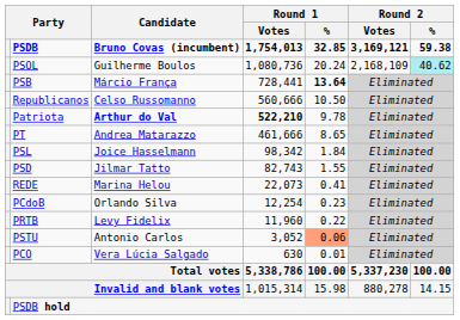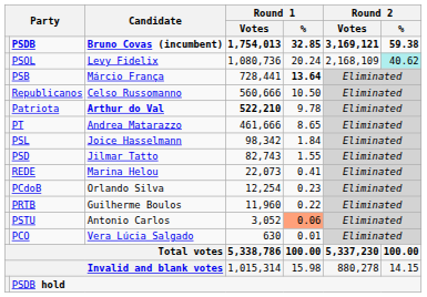 <table class="wikitable sortable" style="text-align:right">
 <tr>
 <th colspan=2 rowspan=2>Party</th>
 <th rowspan=2>Candidate</th>
 <th colspan=2>Round 1</th>
 <th colspan=2>Round 2</th>
 </tr>
 <tr>
 <th>Votes</th>
 <th>%</th>
 <th>Votes</th>
 <th>%</th>
 </tr>
 <tr>
 <th style="background-color:"></th>
 <td style="text-align:left"><strong><a href='#'>PSDB</a></strong></td>
 <td style="text-align:left"><strong><a href='#'>Bruno Covas</a> (incumbent)</strong></td>
 <td><strong>1,754,013</strong></td>
 <td><strong>32.85</strong></td>
 <td><strong>3,169,121</strong></td>
 <td><strong>59.38</strong></td>
 </tr>
 <tr>
 <th style="background-color:"></th>
 <td style="text-align:left"><a href='#'>PSOL</a></td>
-<td style="text-align:left">Guilherme Boulos</td>
+<td style="text-align:left"><a href='#'>Levy Fidelix</a></td>
 <td>1,080,736</td>
 <td>20.24</td>
 <td>2,168,109</td>
 <td style="background: paleturquoise;">40.62</td>
 </tr>
 <tr>
 <th style="background-color:"></th>
 <td style="text-align:left"><a href='#'>PSB</a></td>
 <td style="text-align:left"><a href='#'>Márcio França</a></td>
 <td>728,441</td>
 <td><strong>13.64</strong></td>
 <td colspan="2"  style="background:lightgrey; text-align:center;"><em>Eliminated</em></td>
 </tr>
 <tr>
 <th style="background-color:"></th>
 <td style="text-align:left"><a href='#'>Republicanos</a></td>
 <td style="text-align:left"><a href='#'>Celso Russomanno</a></td>
 <td>560,666</td>
 <td>10.50</td>
 <td colspan="2"  style="background:lightgrey; text-align:center;"><em>Eliminated</em></td>
 </tr>
 <tr>
 <th style="background-color:"></th>
 <td style="text-align:left"><a href='#'>Patriota</a></td>
 <td style="text-align:left"><strong><a href='#'>Arthur do Val</a></strong></td>
 <td><strong>522,210</strong></td>
 <td>9.78</td>
 <td colspan="2"  style="background:lightgrey; text-align:center;"><em>Eliminated</em></td>
 </tr>
 <tr>
 <th style="background-color:"></th>
 <td style="text-align:left"><a href='#'>PT</a></td>
 <td style="text-align:left"><a href='#'>Andrea Matarazzo</a></td>
 <td>461,666</td>
 <td>8.65</td>
 <td colspan="2"  style="background:lightgrey; text-align:center;"><em>Eliminated</em></td>
 </tr>
 <tr>
 <th style="background-color:"></th>
 <td style="text-align:left"><a href='#'>PSL</a></td>
 <td style="text-align:left"><a href='#'>Joice Hasselmann</a></td>
 <td>98,342</td>
 <td>1.84</td>
 <td colspan="2"  style="background:lightgrey; text-align:center;"><em>Eliminated</em></td>
 </tr>
 <tr>
 <th style="background-color:"></th>
 <td style="text-align:left"><a href='#'>PSD</a></td>
 <td style="text-align:left"><a href='#'>Jilmar Tatto</a></td>
 <td>82,743</td>
 <td>1.55</td>
 <td colspan="2"  style="background:lightgrey; text-align:center;"><em>Eliminated</em></td>
 </tr>
 <tr>
 <th style="background-color:"></th>
 <td style="text-align:left"><a href='#'>REDE</a></td>
 <td style="text-align:left"><a href='#'>Marina Helou</a></td>
 <td>22,073</td>
 <td>0.41</td>
 <td colspan="2"  style="background:lightgrey; text-align:center;"><em>Eliminated</em></td>
 </tr>
 <tr>
 <th style="background-color:"></th>
 <td style="text-align:left"><a href='#'>PCdoB</a></td>
 <td style="text-align:left">Orlando Silva</td>
 <td>12,254</td>
 <td>0.23</td>
 <td colspan="2"  style="background:lightgrey; text-align:center;"><em>Eliminated</em></td>
 </tr>
 <tr>
 <th style="background-color:"></th>
 <td style="text-align:left"><a href='#'>PRTB</a></td>
-<td style="text-align:left"><a href='#'>Levy Fidelix</a></td>
+<td style="text-align:left">Guilherme Boulos</td>
 <td>11,960</td>
 <td>0.22</td>
 <td colspan="2"  style="background:lightgrey; text-align:center;"><em>Eliminated</em></td>
 </tr>
 <tr>
 <th style="background-color:"></th>
 <td style="text-align:left"><a href='#'>PSTU</a></td>
 <td style="text-align:left">Antonio Carlos</td>
 <td>3,052</td>
 <td style="background: lightsalmon;">0.06</td>
 <td colspan="2"  style="background:lightgrey; text-align:center;"><em>Eliminated</em></td>
 </tr>
 <tr>
 <th style="background-color:"></th>
 <td style="text-align:left"><a href='#'>PCO</a></td>
 <td style="text-align:left"><a href='#'>Vera Lúcia Salgado</a></td>
 <td>630</td>
 <td>0.01</td>
 <td colspan="2"  style="background:lightgrey; text-align:center;"><em>Eliminated</em></td>
 </tr>
 <tr class="sortbottom" style="background:#f6f6f6;">
 <th colspan=3 scope="row" style="text-align:right;">Total votes</th>
 <td><strong>5,338,786</strong></td>
 <td><strong>100.00</strong></td>
 <td><strong>5,337,230</strong></td>
 <td><strong>100.00</strong></td>
 </tr>
 <tr class="sortbottom" style="background:#f6f6f6;">
 <th colspan=3 scope="row" style="text-align:right;"><a href='#'>Invalid and blank votes</a></th>
 <td>1,015,314</td>
 <td>15.98</td>
 <td>880,278</td>
 <td>14.15</td>
 </tr>
 <tr class="sortbottom" style="background:#f6f6f6;">
 <th style="background-color:"></th>
 <td style="text-align:left" colspan=6><a href='#'>PSDB</a> <strong>hold</strong></td>
 </tr>
 </table>
